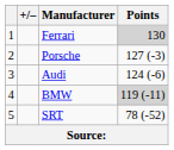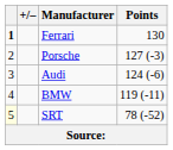 <table class="wikitable" style="font-size: 95%;">
 <tr>
 <th scope="col"></th>
 <th scope="col">+/–</th>
 <th scope="col">Manufacturer</th>
 <th scope="col">Points</th>
 </tr>
 <tr>
-<td align=center>1</td>
+<td align=center><strong>1</strong></td>
 <td align="left"></td>
 <td> <a href='#'>Ferrari</a></td>
-<td align=right style="background: lightgrey;">130</td>
+<td align=right>130</td>
 </tr>
 <tr>
 <td align=center>2</td>
 <td align="left"></td>
 <td> <a href='#'>Porsche</a></td>
 <td align=right>127 (-3)</td>
 </tr>
 <tr>
 <td align=center>3</td>
 <td align="left"></td>
 <td> <a href='#'>Audi</a></td>
 <td align=right>124 (-6)</td>
 </tr>
 <tr>
 <td align=center>4</td>
 <td align="left"></td>
 <td> <a href='#'>BMW</a></td>
-<td align=right style="background: lightgrey;">119 (-11)</td>
+<td align=right>119 (-11)</td>
 </tr>
 <tr>
-<td align=center>5</td>
+<td align=center style="background: lightyellow;">5</td>
 <td align="left"></td>
 <td> <a href='#'>SRT</a></td>
 <td align=right>78 (-52)</td>
 </tr>
 <tr>
 <th colspan=5>Source:</th>
 </tr>
 </table>
